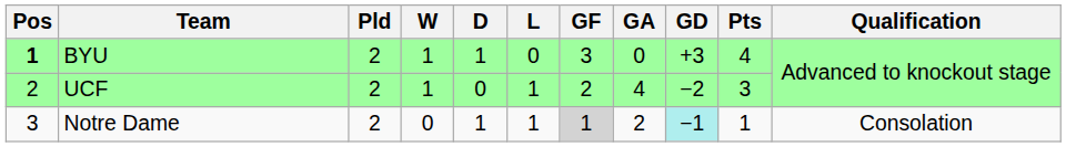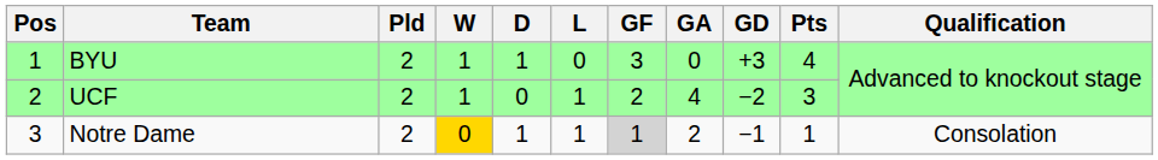 <table class="wikitable" style="text-align:center; margin: 1em auto">
 <tr>
 <th style=width:2em>Pos</th>
 <th style=width:13em>Team</th>
 <th style=width:2em>Pld</th>
 <th style=width:2em>W</th>
 <th style=width:2em>D</th>
 <th style=width:2em>L</th>
 <th style=width:2em>GF</th>
 <th style=width:2em>GA</th>
 <th style=width:2em>GD</th>
 <th style=width:2em>Pts</th>
 <th style=width:13em>Qualification</th>
 </tr>
 <tr bgcolor="#9eff9e">
-<td><strong>1</strong></td>
+<td>1</td>
 <td style="text-align:left">BYU</td>
 <td>2</td>
 <td>1</td>
 <td>1</td>
 <td>0</td>
 <td>3</td>
 <td>0</td>
 <td>+3</td>
 <td>4</td>
 <td rowspan="2">Advanced to knockout stage</td>
 </tr>
 <tr bgcolor="#9eff9e">
 <td>2</td>
 <td style="text-align:left">UCF</td>
 <td>2</td>
 <td>1</td>
 <td>0</td>
 <td>1</td>
 <td>2</td>
 <td>4</td>
 <td>−2</td>
 <td>3</td>
 </tr>
 <tr>
 <td>3</td>
 <td style="text-align:left">Notre Dame</td>
 <td>2</td>
-<td>0</td>
+<td style="background: gold;">0</td>
 <td>1</td>
 <td>1</td>
 <td style="background: lightgrey;">1</td>
 <td>2</td>
-<td style="background: paleturquoise;">−1</td>
+<td>−1</td>
 <td>1</td>
 <td>Consolation</td>
 </tr>
 </table>
